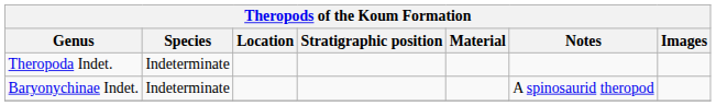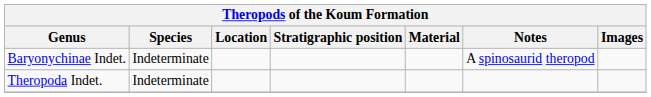 <table class="wikitable" align="center">
 <tr>
 <th colspan="7" align="center"><a href='#'>Theropods</a> of the Koum Formation</th>
 </tr>
 <tr>
 <th>Genus</th>
 <th>Species</th>
 <th>Location</th>
 <th>Stratigraphic position</th>
 <th>Material</th>
 <th>Notes</th>
 <th>Images</th>
 </tr>
 <tr>
+<td><a href='#'>Baryonychinae</a> Indet.</td>
+<td>Indeterminate</td>
+<td></td>
+<td></td>
+<td></td>
+<td>A <a href='#'>spinosaurid</a> <a href='#'>theropod</a></td>
+<td></td>
+</tr>
+<tr>
 <td><a href='#'>Theropoda</a> Indet.</td>
 <td>Indeterminate</td>
 <td></td>
 <td></td>
 <td></td>
 <td></td>
 <td></td>
 </tr>
 <tr>
-<td><a href='#'>Baryonychinae</a> Indet.</td>
-<td>Indeterminate</td>
-<td></td>
-<td></td>
-<td></td>
-<td>A <a href='#'>spinosaurid</a> <a href='#'>theropod</a></td>
-<td></td>
-</tr>
-<tr>
 </tr>
 </table>
